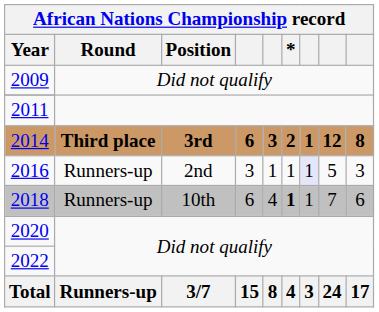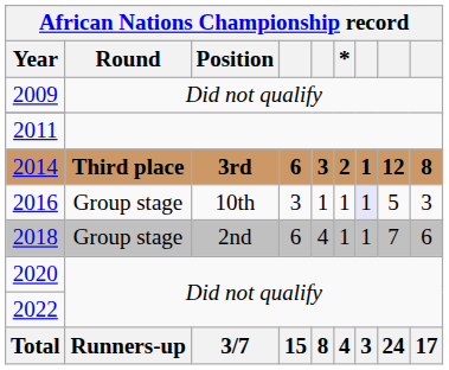 <table class="wikitable" style="text-align: center;">
 <tr>
 <th colspan=9><a href='#'>African Nations Championship</a> record</th>
 </tr>
 <tr>
 <th>Year</th>
 <th>Round</th>
 <th>Position</th>
 <th></th>
 <th></th>
 <th>*</th>
 <th></th>
 <th></th>
 <th></th>
 </tr>
 <tr bgcolor=#f9f9f9>
 <td> <a href='#'>2009</a></td>
 <td colspan="8" rowspan="2"><em>Did not qualify</em></td>
 </tr>
 <tr>
 </tr>
 <tr bgcolor=#f9f9f9>
 <td> <a href='#'>2011</a></td>
 </tr>
 <tr bgcolor="#cc9966">
 <td> <a href='#'>2014</a></td>
 <td><strong>Third place</strong></td>
 <td><strong>3rd</strong></td>
 <td><strong>6</strong></td>
 <td><strong>3</strong></td>
 <td><strong>2</strong></td>
 <td><strong>1</strong></td>
 <td><strong>12</strong></td>
 <td><strong>8</strong></td>
 </tr>
 <tr>
 <td> <a href='#'>2016</a></td>
-<td>Runners-up</td>
-<td>2nd</td>
+<td>Group stage</td>
+<td>10th</td>
 <td>3</td>
 <td>1</td>
 <td>1</td>
 <td style="background: lavender;">1</td>
 <td>5</td>
 <td>3</td>
 </tr>
 <tr bgcolor="silver">
 <td> <a href='#'>2018</a></td>
-<td>Runners-up</td>
-<td>10th</td>
+<td>Group stage</td>
+<td>2nd</td>
 <td>6</td>
 <td>4</td>
-<td><strong>1</strong></td>
+<td>1</td>
 <td>1</td>
 <td>7</td>
 <td>6</td>
 </tr>
 <tr>
 <td> <a href='#'>2020</a></td>
 <td rowspan="2" colspan="8"><em>Did not qualify</em></td>
 </tr>
 <tr>
 <td> <a href='#'>2022</a></td>
 </tr>
 <tr>
 <th>Total</th>
 <th>Runners-up</th>
 <th>3/7</th>
 <th>15</th>
 <th>8</th>
 <th>4</th>
 <th>3</th>
 <th>24</th>
 <th>17</th>
 </tr>
 </table>
